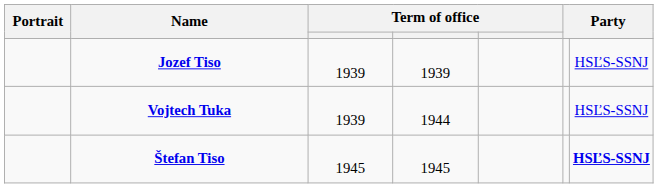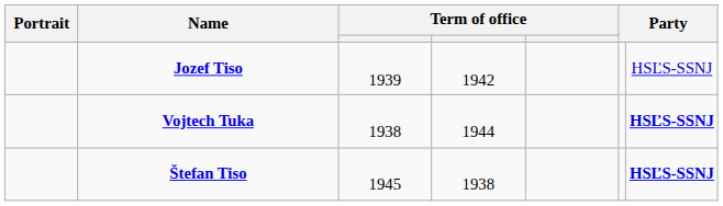 <table class="wikitable" style="line-height:1.4em; text-align:center; border:1px #aaf solid">
 <tr>
 <th rowspan="2" width="65">Portrait</th>
 <th rowspan="2" width="250">Name<br></th>
 <th colspan="3">Term of office</th>
 <th colspan="2" rowspan="2" width="90">Party</th>
 </tr>
 <tr>
 <th width="85"></th>
 <th width="85"></th>
 <th width="85"></th>
 </tr>
 <tr>
 <td></td>
 <td><strong><a href='#'>Jozef Tiso</a></strong><br></td>
 <td><br>1939</td>
-<td><br>1939</td>
+<td><br>1942</td>
 <td></td>
 <td style="background-color: "></td>
 <td><a href='#'>HSĽS-SSNJ</a></td>
 </tr>
 <tr>
 <td></td>
 <td><strong><a href='#'>Vojtech Tuka</a></strong><br></td>
-<td><br>1939</td>
+<td><br>1938</td>
 <td><br>1944</td>
 <td></td>
 <td style="background-color: "></td>
-<td><a href='#'>HSĽS-SSNJ</a></td>
+<td><strong><a href='#'>HSĽS-SSNJ</a></strong></td>
 </tr>
 <tr>
 <td></td>
 <td><strong><a href='#'>Štefan Tiso</a></strong><br></td>
 <td><br>1945</td>
-<td><br>1945</td>
+<td><br>1938</td>
 <td></td>
 <td style="background-color: "></td>
 <td><strong><a href='#'>HSĽS-SSNJ</a></strong></td>
 </tr>
 </table>
